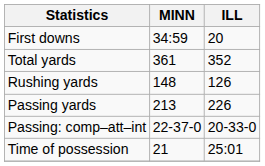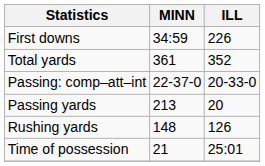 <table class="wikitable" style="float: left;">
 <tr>
 <th>Statistics</th>
 <th>MINN</th>
 <th>ILL</th>
 </tr>
 <tr>
 <td>First downs</td>
 <td>34:59</td>
-<td>20</td>
+<td>226</td>
 </tr>
 <tr>
 <td>Total yards</td>
 <td>361</td>
 <td>352</td>
 </tr>
 <tr>
-<td>Rushing yards</td>
-<td>148</td>
-<td>126</td>
+<td>Passing: comp–att–int</td>
+<td>22-37-0</td>
+<td>20-33-0</td>
 </tr>
 <tr>
 <td>Passing yards</td>
 <td>213</td>
-<td>226</td>
+<td>20</td>
 </tr>
 <tr>
-<td>Passing: comp–att–int</td>
-<td>22-37-0</td>
-<td>20-33-0</td>
+<td>Rushing yards</td>
+<td>148</td>
+<td>126</td>
 </tr>
 <tr>
 <td>Time of possession</td>
 <td>21</td>
 <td>25:01</td>
 </tr>
 <tr>
 </tr>
 </table>
